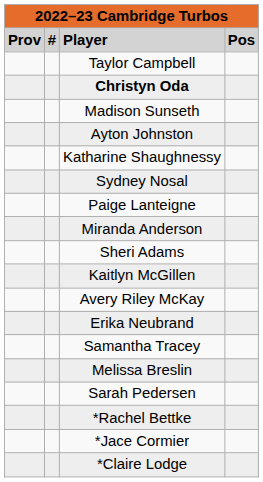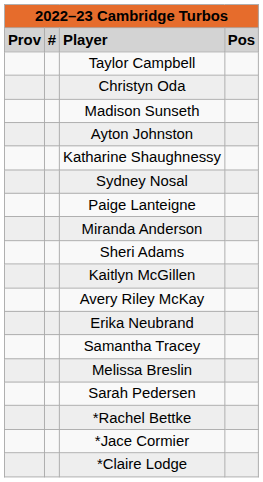 <table class="wikitable" style="text-align:centre">
 <tr align=Center>
 <th style=background:#E66C2C colspan=11><span>2022–23 Cambridge Turbos</span></th>
 </tr>
 <tr bgcolor=lightgrey>
 <td><strong>Prov</strong></td>
 <td><strong>#</strong></td>
 <td><strong>Player</strong></td>
 <td><strong>Pos</strong></td>
 </tr>
 <tr align="Center">
 <td></td>
 <td></td>
 <td>Taylor Campbell</td>
 <td></td>
 </tr>
 <tr align="Center" bgcolor="#eeeeee">
 <td></td>
 <td></td>
-<td><strong>Christyn Oda</strong></td>
+<td>Christyn Oda</td>
 <td></td>
 </tr>
 <tr align="Center">
 <td></td>
 <td></td>
 <td>Madison Sunseth</td>
 <td></td>
 </tr>
 <tr align="Center" bgcolor="#eeeeee">
 <td></td>
 <td></td>
 <td>Ayton Johnston</td>
 <td></td>
 </tr>
 <tr align="Center">
 <td></td>
 <td></td>
 <td>Katharine Shaughnessy</td>
 <td></td>
 </tr>
 <tr align="Center" bgcolor="#eeeeee">
 <td></td>
 <td></td>
 <td>Sydney Nosal</td>
 <td></td>
 </tr>
 <tr align="Center">
 <td></td>
 <td></td>
 <td>Paige Lanteigne</td>
 <td></td>
 </tr>
 <tr align="Center" bgcolor="#eeeeee">
 <td></td>
 <td></td>
 <td>Miranda Anderson</td>
 <td></td>
 </tr>
 <tr align="Center">
 <td></td>
 <td></td>
 <td>Sheri Adams</td>
 <td></td>
 </tr>
 <tr align="Center" bgcolor="#eeeeee">
 <td></td>
 <td></td>
 <td>Kaitlyn McGillen</td>
 <td></td>
 </tr>
 <tr align="Center">
 <td></td>
 <td></td>
 <td>Avery Riley McKay</td>
 <td></td>
 </tr>
 <tr align="Center" bgcolor="#eeeeee">
 <td></td>
 <td></td>
 <td>Erika Neubrand</td>
 <td></td>
 </tr>
 <tr align="Center">
 <td></td>
 <td></td>
 <td>Samantha Tracey</td>
 <td></td>
 </tr>
 <tr align="Center" bgcolor="#eeeeee">
 <td></td>
 <td></td>
 <td>Melissa Breslin</td>
 <td></td>
 </tr>
 <tr align="Center">
 <td></td>
 <td></td>
 <td>Sarah Pedersen</td>
 <td></td>
 </tr>
 <tr align="Center" bgcolor="#eeeeee">
 <td></td>
 <td></td>
 <td>*Rachel Bettke</td>
 <td></td>
 </tr>
 <tr align="Center">
 <td></td>
 <td></td>
 <td>*Jace Cormier</td>
 <td></td>
 </tr>
 <tr align="Center" bgcolor="#eeeeee">
 <td></td>
 <td></td>
 <td>*Claire Lodge</td>
 <td></td>
 </tr>
 </table>
